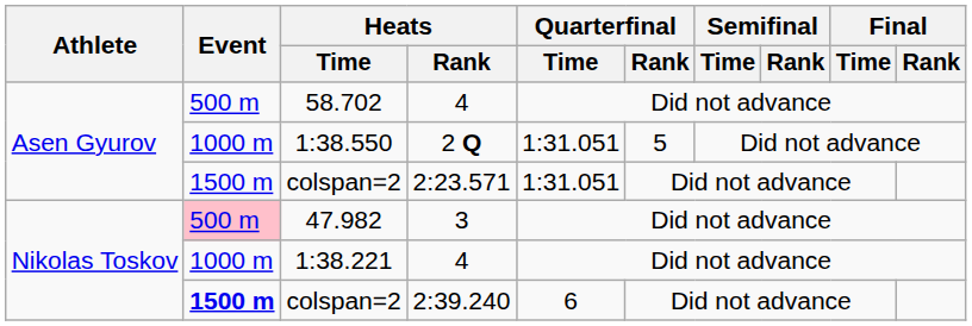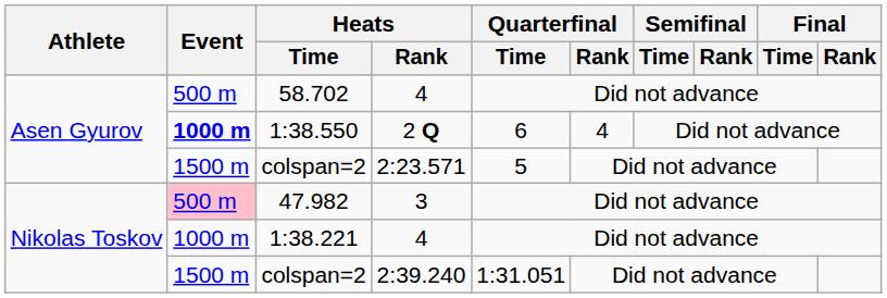 <table class="wikitable" style="font-size:90%">
 <tr>
 <th rowspan=2>Athlete</th>
 <th rowspan=2>Event</th>
 <th colspan=2>Heats</th>
 <th colspan=2>Quarterfinal</th>
 <th colspan=2>Semifinal</th>
 <th colspan=2>Final</th>
 </tr>
 <tr style="font-size:95%">
 <th>Time</th>
 <th>Rank</th>
 <th>Time</th>
 <th>Rank</th>
 <th>Time</th>
 <th>Rank</th>
 <th>Time</th>
 <th>Rank</th>
 </tr>
 <tr align=center>
 <td align=left rowspan=3><a href='#'>Asen Gyurov</a></td>
 <td align=left><a href='#'>500 m</a></td>
 <td>58.702</td>
 <td>4</td>
 <td colspan=6>Did not advance</td>
 </tr>
 <tr align=center>
-<td align=left><a href='#'>1000 m</a></td>
+<td align=left><strong><a href='#'>1000 m</a></strong></td>
 <td>1:38.550</td>
 <td>2 <strong>Q</strong></td>
-<td>1:31.051</td>
-<td>5</td>
+<td>6</td>
+<td>4</td>
 <td colspan=4>Did not advance</td>
 </tr>
 <tr align=center>
 <td align=left><a href='#'>1500 m</a></td>
 <td>colspan=2</td>
 <td>2:23.571</td>
-<td>1:31.051</td>
+<td>5</td>
 <td colspan=4>Did not advance</td>
 </tr>
 <tr align=center>
 <td align=left rowspan=3><a href='#'>Nikolas Toskov</a></td>
 <td align=left style="background: pink;"><a href='#'>500 m</a></td>
 <td>47.982</td>
 <td>3</td>
 <td colspan=6>Did not advance</td>
 </tr>
 <tr align=center>
 <td align=left><a href='#'>1000 m</a></td>
 <td>1:38.221</td>
 <td>4</td>
 <td colspan=6>Did not advance</td>
 </tr>
 <tr align=center>
-<td align=left><strong><a href='#'>1500 m</a></strong></td>
+<td align=left><a href='#'>1500 m</a></td>
 <td>colspan=2</td>
 <td>2:39.240</td>
-<td>6</td>
+<td>1:31.051</td>
 <td colspan=4>Did not advance</td>
 </tr>
 </table>
